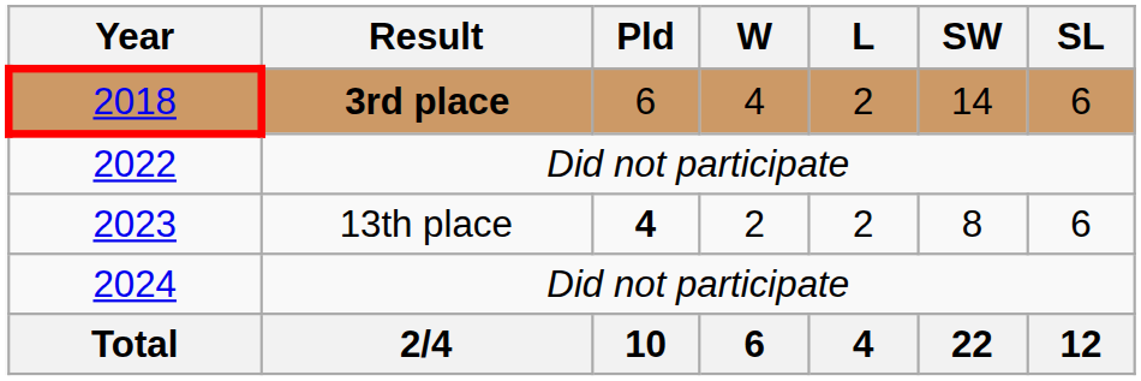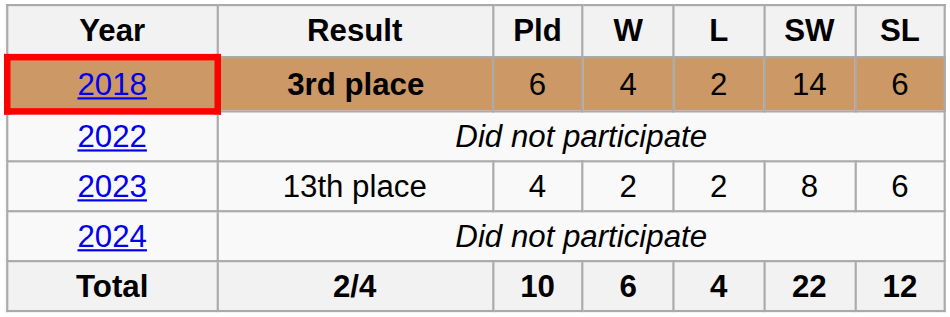 <table class="wikitable" style="text-align: center;font-size:90%;">
 <tr>
 <th width=90>Year</th>
 <th width=120>Result</th>
 <th width=35>Pld</th>
 <th width=35>W</th>
 <th width=35>L</th>
 <th width=35>SW</th>
 <th width=35>SL</th>
 </tr>
 <tr bgcolor=#cc9966>
 <td style="border: 3px solid red"> <a href='#'>2018</a></td>
 <td> <strong>3rd place</strong></td>
 <td>6</td>
 <td>4</td>
 <td>2</td>
 <td>14</td>
 <td>6</td>
 </tr>
 <tr>
 <td> <a href='#'>2022</a></td>
 <td colspan=6><em>Did not participate</em></td>
 </tr>
 <tr>
 <td> <a href='#'>2023</a></td>
 <td>13th place</td>
-<td><strong>4</strong></td>
+<td>4</td>
 <td>2</td>
 <td>2</td>
 <td>8</td>
 <td>6</td>
 </tr>
 <tr>
 <td> <a href='#'>2024</a></td>
 <td colspan=6><em>Did not participate</em></td>
 </tr>
 <tr>
 <th>Total</th>
 <th>2/4</th>
 <th>10</th>
 <th>6</th>
 <th>4</th>
 <th>22</th>
 <th>12</th>
 </tr>
 </table>
